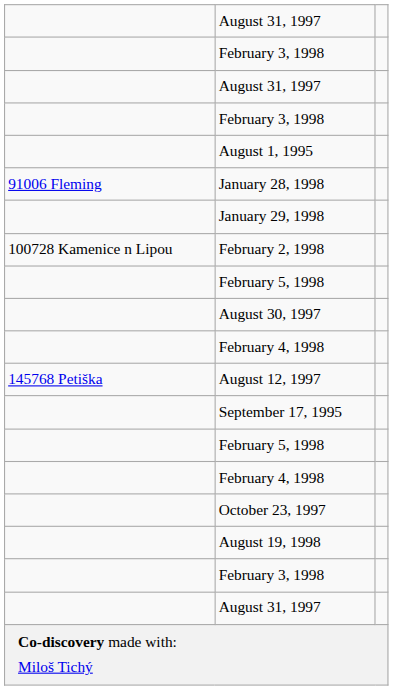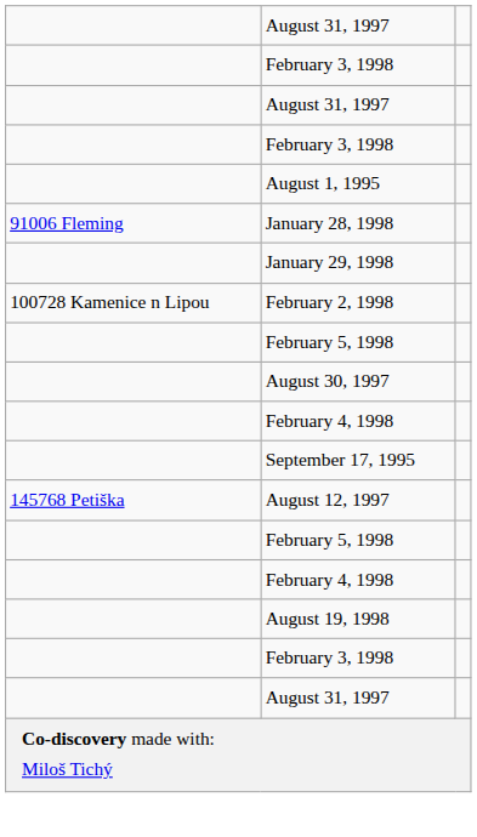 <table class="wikitable" style="font-size: 89%; float: left; width: 25em; margin-right: 1em; line-height: 1.65em !important;">
 <tr>
 <td></td>
 <td>August 31, 1997</td>
 <td></td>
 </tr>
 <tr>
 <td></td>
 <td>February 3, 1998</td>
 <td> </td>
 </tr>
 <tr>
 <td></td>
 <td>August 31, 1997</td>
 <td></td>
 </tr>
 <tr>
 <td></td>
 <td>February 3, 1998</td>
 <td> </td>
 </tr>
 <tr>
 <td></td>
 <td>August 1, 1995</td>
 <td> </td>
 </tr>
 <tr>
 <td><a href='#'>91006 Fleming</a></td>
 <td>January 28, 1998</td>
 <td> </td>
 </tr>
 <tr>
 <td></td>
 <td>January 29, 1998</td>
 <td> </td>
 </tr>
 <tr>
 <td>100728 Kamenice n Lipou</td>
 <td>February 2, 1998</td>
 <td> </td>
 </tr>
 <tr>
 <td></td>
 <td>February 5, 1998</td>
 <td> </td>
 </tr>
 <tr>
 <td></td>
 <td>August 30, 1997</td>
 <td></td>
 </tr>
 <tr>
 <td></td>
 <td>February 4, 1998</td>
 <td> </td>
 </tr>
 <tr>
+<td></td>
+<td>September 17, 1995</td>
+<td></td>
+</tr>
+<tr>
 <td><a href='#'>145768 Petiška</a></td>
 <td>August 12, 1997</td>
 <td> </td>
-</tr>
-<tr>
-<td></td>
-<td>September 17, 1995</td>
-<td></td>
 </tr>
 <tr>
 <td></td>
 <td>February 5, 1998</td>
 <td> </td>
 </tr>
 <tr>
 <td></td>
 <td>February 4, 1998</td>
-<td> </td>
-</tr>
-<tr>
-<td></td>
-<td>October 23, 1997</td>
 <td> </td>
 </tr>
 <tr>
 <td></td>
 <td>August 19, 1998</td>
 <td> </td>
 </tr>
 <tr>
 <td></td>
 <td>February 3, 1998</td>
 <td> </td>
 </tr>
 <tr>
 <td></td>
 <td>August 31, 1997</td>
 <td></td>
 </tr>
 <tr>
 <th colspan=3 style="font-weight: normal; text-align: left; padding: 4px 12px;"><strong>Co-discovery</strong> made with:<br> <a href='#'>Miloš Tichý</a></th>
 </tr>
 </table>
